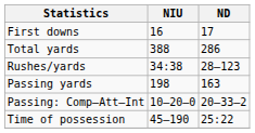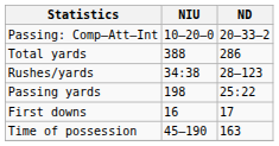 <table class="wikitable" style="float: left;">
 <tr>
 <th>Statistics</th>
 <th>NIU</th>
 <th>ND</th>
 </tr>
 <tr>
-<td>First downs</td>
-<td>16</td>
-<td>17</td>
+<td>Passing: Comp–Att–Int</td>
+<td>10–20–0</td>
+<td>20–33–2</td>
 </tr>
 <tr>
 <td>Total yards</td>
 <td>388</td>
 <td>286</td>
 </tr>
 <tr>
 <td>Rushes/yards</td>
 <td>34:38</td>
 <td>28–123</td>
 </tr>
 <tr>
 <td>Passing yards</td>
 <td>198</td>
-<td>163</td>
+<td>25:22</td>
 </tr>
 <tr>
-<td>Passing: Comp–Att–Int</td>
-<td>10–20–0</td>
-<td>20–33–2</td>
+<td>First downs</td>
+<td>16</td>
+<td>17</td>
 </tr>
 <tr>
 <td>Time of possession</td>
 <td>45–190</td>
-<td>25:22</td>
+<td>163</td>
 </tr>
 <tr>
 </tr>
 </table>
